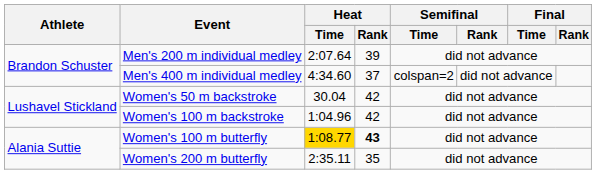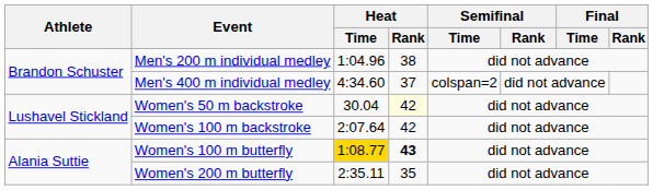 <table class=wikitable style="font-size:90%">
 <tr>
 <th rowspan="2">Athlete</th>
 <th rowspan="2">Event</th>
 <th colspan="2">Heat</th>
 <th colspan="2">Semifinal</th>
 <th colspan="2">Final</th>
 </tr>
 <tr style="font-size:95%">
 <th>Time</th>
 <th>Rank</th>
 <th>Time</th>
 <th>Rank</th>
 <th>Time</th>
 <th>Rank</th>
 </tr>
 <tr align=center>
 <td align=left rowspan=2><a href='#'>Brandon Schuster</a></td>
 <td align=left><a href='#'>Men's 200 m individual medley</a></td>
-<td>2:07.64</td>
-<td>39</td>
+<td>1:04.96</td>
+<td>38</td>
 <td colspan=4>did not advance</td>
 </tr>
 <tr align=center>
 <td align=left><a href='#'>Men's 400 m individual medley</a></td>
 <td>4:34.60</td>
 <td>37</td>
 <td>colspan=2 </td>
 <td colspan=2>did not advance</td>
 </tr>
 <tr align=center>
 <td align=left rowspan=2><a href='#'>Lushavel Stickland</a></td>
 <td align=left><a href='#'>Women's 50 m backstroke</a></td>
 <td>30.04</td>
-<td>42</td>
+<td style="background: lightyellow;">42</td>
 <td colspan=4>did not advance</td>
 </tr>
 <tr align=center>
 <td align=left><a href='#'>Women's 100 m backstroke</a></td>
-<td>1:04.96</td>
+<td>2:07.64</td>
 <td>42</td>
 <td colspan=4>did not advance</td>
 </tr>
 <tr align=center>
 <td align=left rowspan=2><a href='#'>Alania Suttie</a></td>
 <td align=left><a href='#'>Women's 100 m butterfly</a></td>
 <td style="background: gold;">1:08.77</td>
 <td><strong>43</strong></td>
 <td colspan=4>did not advance</td>
 </tr>
 <tr align=center>
 <td align=left><a href='#'>Women's 200 m butterfly</a></td>
 <td>2:35.11</td>
 <td>35</td>
 <td colspan=4>did not advance</td>
 </tr>
 </table>
